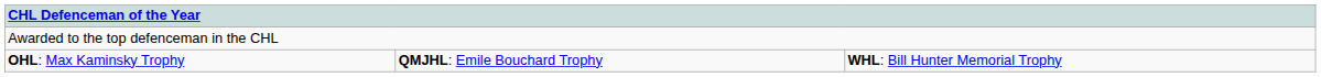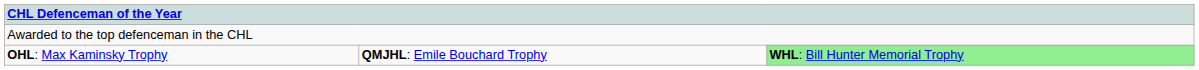 <table class="wikitable" width="75%">
 <tr style="font-weight:bold; background-color:#ccdddd;" |>
 <td colspan="3"><a href='#'>CHL Defenceman of the Year</a></td>
 </tr>
 <tr>
 <td colspan="3">Awarded to the top defenceman in the CHL</td>
 </tr>
 <tr>
 <td><strong>OHL</strong>: <a href='#'>Max Kaminsky Trophy</a></td>
 <td><strong>QMJHL</strong>: <a href='#'>Emile Bouchard Trophy</a></td>
-<td><strong>WHL</strong>: <a href='#'>Bill Hunter Memorial Trophy</a></td>
+<td style="background: lightgreen;"><strong>WHL</strong>: <a href='#'>Bill Hunter Memorial Trophy</a></td>
 </tr>
 </table>
